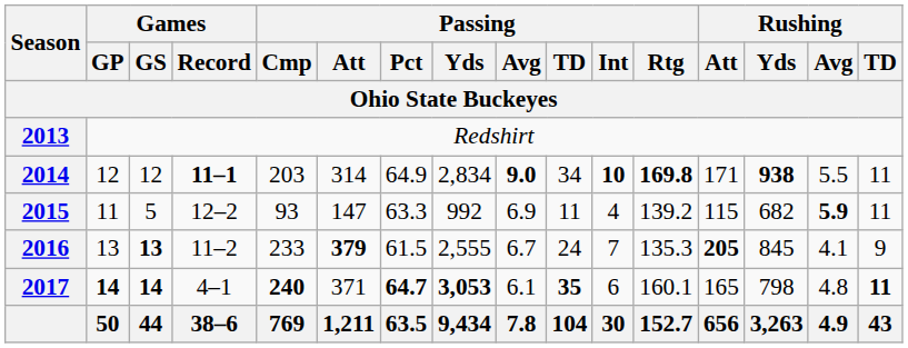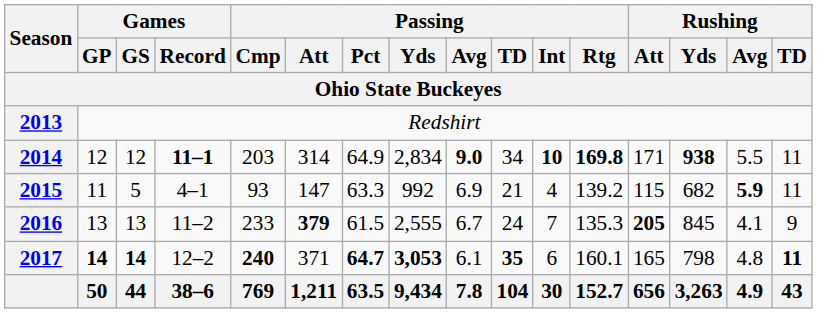 <table class="wikitable" style="text-align:center;">
 <tr>
 <th rowspan="2">Season</th>
 <th colspan="3">Games</th>
 <th colspan="8">Passing</th>
 <th colspan="5">Rushing</th>
 </tr>
 <tr>
 <th>GP</th>
 <th>GS</th>
 <th>Record</th>
 <th>Cmp</th>
 <th>Att</th>
 <th>Pct</th>
 <th>Yds</th>
 <th>Avg</th>
 <th>TD</th>
 <th>Int</th>
 <th>Rtg</th>
 <th>Att</th>
 <th>Yds</th>
 <th>Avg</th>
 <th>TD</th>
 </tr>
 <tr>
 <th colspan="16">Ohio State Buckeyes</th>
 </tr>
 <tr>
 <th><a href='#'>2013</a></th>
 <td colspan="15"> <em>Redshirt</em></td>
 </tr>
 <tr>
 <th><a href='#'>2014</a></th>
 <td>12</td>
 <td>12</td>
 <td><strong>11–1</strong></td>
 <td>203</td>
 <td>314</td>
 <td>64.9</td>
 <td>2,834</td>
 <td><strong>9.0</strong></td>
 <td>34</td>
 <td><strong>10</strong></td>
 <td><strong>169.8</strong></td>
 <td>171</td>
 <td><strong>938</strong></td>
 <td>5.5</td>
 <td>11</td>
 </tr>
 <tr>
 <th><a href='#'>2015</a></th>
 <td>11</td>
 <td>5</td>
-<td>12–2</td>
+<td>4–1</td>
 <td>93</td>
 <td>147</td>
 <td>63.3</td>
 <td>992</td>
 <td>6.9</td>
-<td>11</td>
+<td>21</td>
 <td>4</td>
 <td>139.2</td>
 <td>115</td>
 <td>682</td>
 <td><strong>5.9</strong></td>
 <td>11</td>
 </tr>
 <tr>
 <th><a href='#'>2016</a></th>
 <td>13</td>
-<td><strong>13</strong></td>
+<td>13</td>
 <td>11–2</td>
 <td>233</td>
 <td><strong>379</strong></td>
 <td>61.5</td>
 <td>2,555</td>
 <td>6.7</td>
 <td>24</td>
 <td>7</td>
 <td>135.3</td>
 <td><strong>205</strong></td>
 <td>845</td>
 <td>4.1</td>
 <td>9</td>
 </tr>
 <tr>
 <th><a href='#'>2017</a></th>
 <td><strong>14</strong></td>
 <td><strong>14</strong></td>
-<td>4–1</td>
+<td>12–2</td>
 <td><strong>240</strong></td>
 <td>371</td>
 <td><strong>64.7</strong></td>
 <td><strong>3,053</strong></td>
 <td>6.1</td>
 <td><strong>35</strong></td>
 <td>6</td>
 <td>160.1</td>
 <td>165</td>
 <td>798</td>
 <td>4.8</td>
 <td><strong>11</strong></td>
 </tr>
 <tr>
 <th></th>
 <th>50</th>
 <th>44</th>
 <th>38–6</th>
 <th>769</th>
 <th>1,211</th>
 <th>63.5</th>
 <th>9,434</th>
 <th>7.8</th>
 <th>104</th>
 <th>30</th>
 <th>152.7</th>
 <th>656</th>
 <th>3,263</th>
 <th>4.9</th>
 <th>43</th>
 </tr>
 </table>
